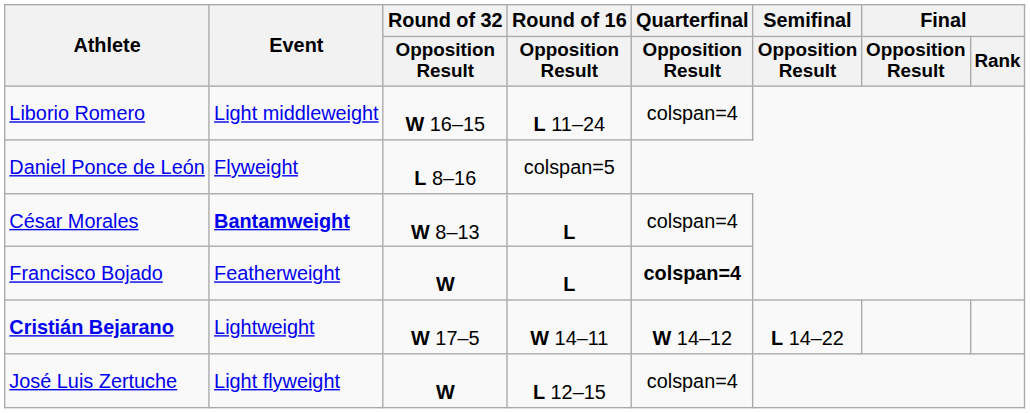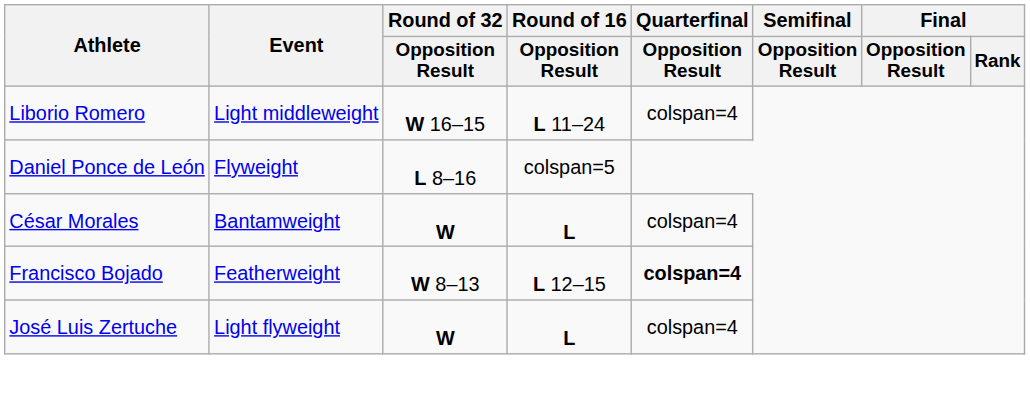 <table class=wikitable style=font-size:90%;text-align:center>
 <tr>
 <th rowspan=2>Athlete</th>
 <th rowspan=2>Event</th>
 <th>Round of 32</th>
 <th>Round of 16</th>
 <th>Quarterfinal</th>
 <th>Semifinal</th>
 <th colspan=2>Final</th>
 </tr>
 <tr style=font-size:95%>
 <th>Opposition<br>Result</th>
 <th>Opposition<br>Result</th>
 <th>Opposition<br>Result</th>
 <th>Opposition<br>Result</th>
 <th>Opposition<br>Result</th>
 <th>Rank</th>
 </tr>
 <tr>
 <td align=left><a href='#'>Liborio Romero</a></td>
 <td align=left><a href='#'>Light middleweight</a></td>
 <td><br><strong>W</strong> 16–15</td>
 <td><br><strong>L</strong> 11–24</td>
 <td>colspan=4 </td>
 </tr>
 <tr>
 <td align=left><a href='#'>Daniel Ponce de León</a></td>
 <td align=left><a href='#'>Flyweight</a></td>
 <td><br><strong>L</strong> 8–16</td>
 <td>colspan=5 </td>
 </tr>
 <tr>
 <td align=left><a href='#'>César Morales</a></td>
-<td align=left><strong><a href='#'>Bantamweight</a></strong></td>
-<td><br><strong>W</strong> 8–13</td>
+<td align=left><a href='#'>Bantamweight</a></td>
+<td><br><strong>W</strong> </td>
 <td><br><strong>L</strong> </td>
 <td>colspan=4 </td>
 </tr>
 <tr>
 <td align=left><a href='#'>Francisco Bojado</a></td>
 <td align=left><a href='#'>Featherweight</a></td>
-<td><br><strong>W</strong> </td>
-<td><br><strong>L</strong> </td>
+<td><br><strong>W</strong> 8–13</td>
+<td><br><strong>L</strong> 12–15</td>
 <td><strong>colspan=4 </strong></td>
-</tr>
-<tr>
-<td align=left><strong><a href='#'>Cristián Bejarano</a></strong></td>
-<td align=left><a href='#'>Lightweight</a></td>
-<td><br><strong>W</strong> 17–5</td>
-<td><br><strong>W</strong> 14–11</td>
-<td><br><strong>W</strong> 14–12</td>
-<td><br><strong>L</strong> 14–22</td>
-<td></td>
-<td></td>
 </tr>
 <tr>
 <td align=left><a href='#'>José Luis Zertuche</a></td>
 <td align=left><a href='#'>Light flyweight</a></td>
 <td><br><strong>W</strong> </td>
-<td><br><strong>L</strong> 12–15</td>
+<td><br><strong>L</strong> </td>
 <td>colspan=4 </td>
 </tr>
 </table>
